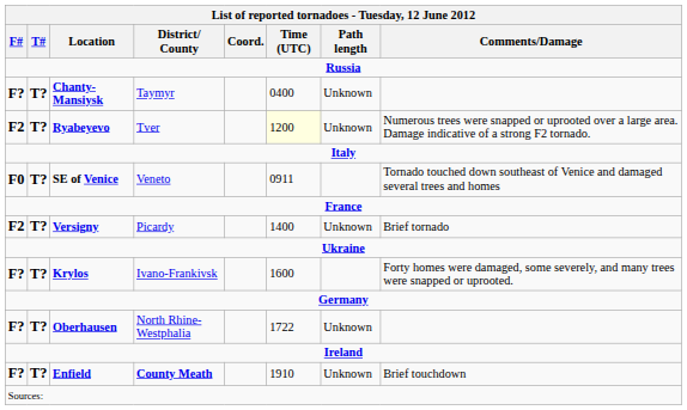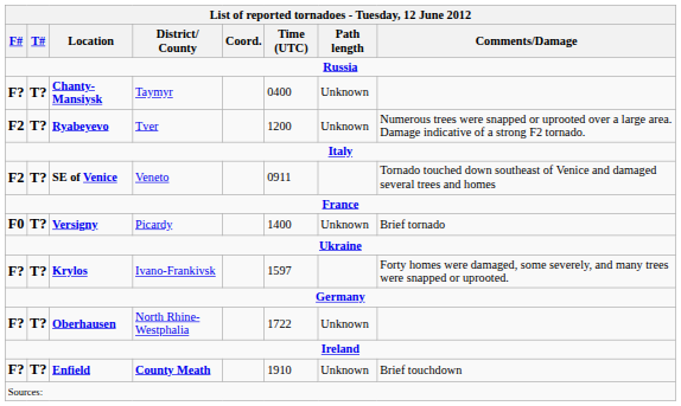 <table class="wikitable collapsible" width="100%">
 <tr>
 <th colspan="8">List of reported tornadoes - Tuesday, 12 June 2012</th>
 </tr>
 <tr>
 <th><a href='#'>F#</a></th>
 <th><a href='#'>T#</a></th>
 <th>Location</th>
 <th>District/<br>County</th>
 <th>Coord.</th>
 <th>Time (UTC)</th>
 <th>Path length</th>
 <th>Comments/Damage</th>
 </tr>
 <tr>
 <td colspan="8" align=center><strong><a href='#'>Russia</a></strong></td>
 </tr>
 <tr>
 <td><big><strong>F?</strong></big></td>
 <td><big><strong>T?</strong></big></td>
 <td><strong><a href='#'>Chanty-Mansiysk</a></strong></td>
 <td><a href='#'>Taymyr</a></td>
 <td></td>
 <td>0400</td>
 <td>Unknown</td>
 <td></td>
 </tr>
 <tr>
 <td><big><strong>F2</strong></big></td>
 <td><big><strong>T?</strong></big></td>
 <td><strong><a href='#'>Ryabeyevo</a></strong></td>
 <td><a href='#'>Tver</a></td>
 <td></td>
-<td style="background: lightyellow;">1200</td>
+<td>1200</td>
 <td>Unknown</td>
 <td>Numerous trees were snapped or uprooted over a large area. Damage indicative of a strong F2 tornado.</td>
 </tr>
 <tr>
 <td colspan="8" align=center><strong><a href='#'>Italy</a></strong></td>
 </tr>
 <tr>
-<td><big><strong>F0</strong></big></td>
+<td><big><strong>F2</strong></big></td>
 <td><big><strong>T?</strong></big></td>
 <td><strong>SE of <a href='#'>Venice</a></strong></td>
 <td><a href='#'>Veneto</a></td>
 <td></td>
 <td>0911</td>
 <td></td>
 <td>Tornado touched down southeast of Venice and damaged several trees and homes</td>
 </tr>
 <tr>
 <td colspan="8" align=center><strong><a href='#'>France</a></strong></td>
 </tr>
 <tr>
-<td><big><strong>F2</strong></big></td>
+<td><big><strong>F0</strong></big></td>
 <td><big><strong>T?</strong></big></td>
 <td><strong><a href='#'>Versigny</a></strong></td>
 <td><a href='#'>Picardy</a></td>
 <td></td>
 <td>1400</td>
 <td>Unknown</td>
 <td>Brief tornado</td>
 </tr>
 <tr>
 <td colspan="8" align=center><strong><a href='#'>Ukraine</a></strong></td>
 </tr>
 <tr>
 <td><big><strong>F?</strong></big></td>
 <td><big><strong>T?</strong></big></td>
 <td><strong><a href='#'>Krylos</a></strong></td>
 <td><a href='#'>Ivano-Frankivsk</a></td>
 <td></td>
-<td>1600</td>
+<td>1597</td>
 <td></td>
 <td>Forty homes were damaged, some severely, and many trees were snapped or uprooted.</td>
 </tr>
 <tr>
 <td colspan="8" align=center><strong><a href='#'>Germany</a></strong></td>
 </tr>
 <tr>
 <td><big><strong>F?</strong></big></td>
 <td><big><strong>T?</strong></big></td>
 <td><strong><a href='#'>Oberhausen</a></strong></td>
 <td><a href='#'>North Rhine-Westphalia</a></td>
 <td></td>
 <td>1722</td>
 <td>Unknown</td>
 <td></td>
 </tr>
 <tr>
 <td colspan="8" align=center><strong><a href='#'>Ireland</a></strong></td>
 </tr>
 <tr>
 <td><big><strong>F?</strong></big></td>
 <td><big><strong>T?</strong></big></td>
 <td><strong><a href='#'>Enfield</a></strong></td>
 <td><strong><a href='#'>County Meath</a></strong></td>
 <td></td>
 <td>1910</td>
 <td>Unknown</td>
 <td>Brief touchdown</td>
 </tr>
 <tr>
 <td colspan="8"><small>Sources:  </small></td>
 </tr>
 </table>
